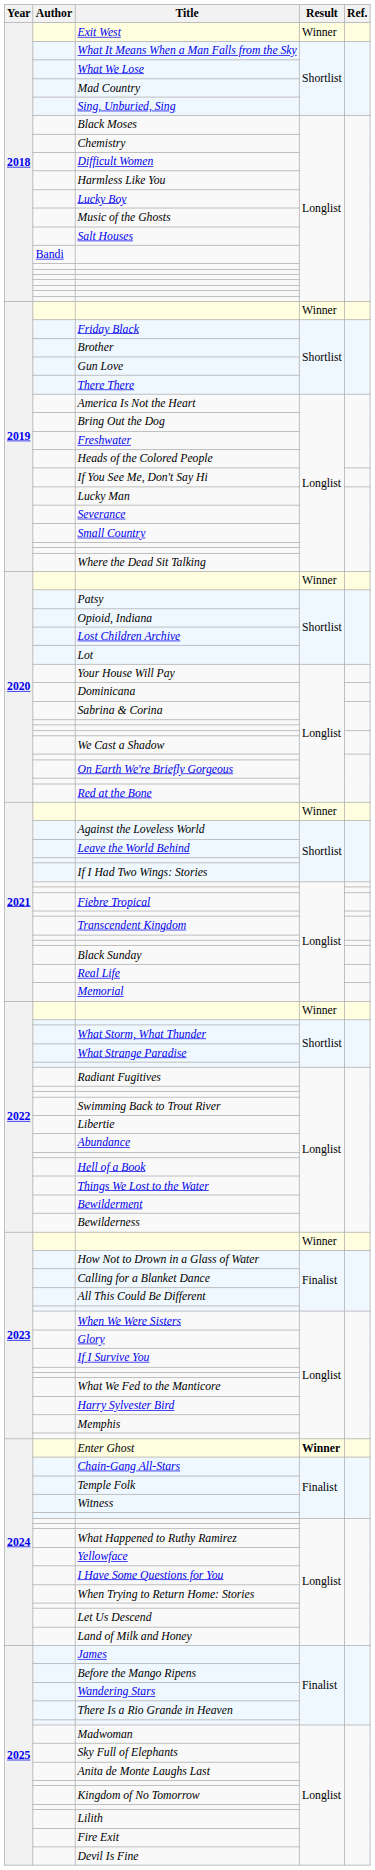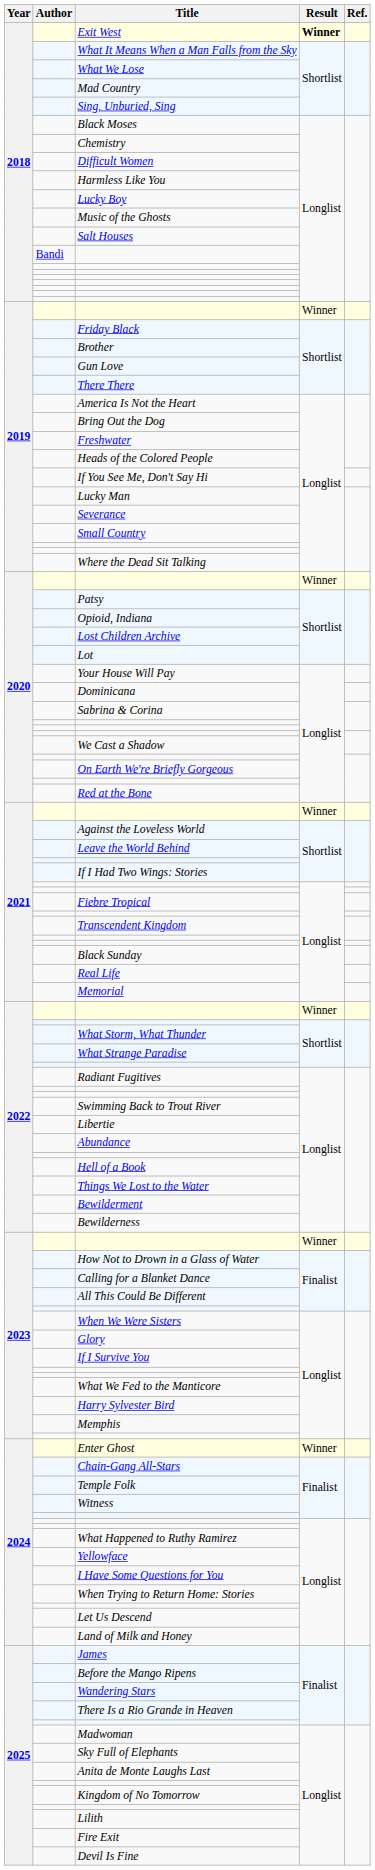 <table class="wikitable sortable">
 <tr>
 <th>Year</th>
 <th>Author</th>
 <th>Title</th>
 <th>Result</th>
 <th>Ref.</th>
 </tr>
 <tr style=background:lightyellow; color:black>
 <th rowspan="20"><a href='#'>2018</a></th>
 <td></td>
 <td><em><a href='#'>Exit West</a></em></td>
-<td>Winner</td>
+<td><strong>Winner</strong></td>
 <td></td>
 </tr>
 <tr style="background:Aliceblue">
 <td></td>
 <td><em><a href='#'>What It Means When a Man Falls from the Sky</a></em></td>
 <td rowspan="4">Shortlist</td>
 <td rowspan="4"></td>
 </tr>
 <tr style="background:Aliceblue">
 <td></td>
 <td><em><a href='#'>What We Lose</a></em></td>
 </tr>
 <tr style="background:Aliceblue">
 <td></td>
 <td><em>Mad Country</em></td>
 </tr>
 <tr style="background:Aliceblue">
 <td></td>
 <td><em><a href='#'>Sing, Unburied, Sing</a></em></td>
 </tr>
 <tr>
 <td></td>
 <td><em>Black Moses</em></td>
 <td rowspan="15">Longlist</td>
 <td rowspan="15"></td>
 </tr>
 <tr>
 <td></td>
 <td><em>Chemistry</em></td>
 </tr>
 <tr>
 <td></td>
 <td><em><a href='#'>Difficult Women</a></em></td>
 </tr>
 <tr>
 <td></td>
 <td><em>Harmless Like You</em></td>
 </tr>
 <tr>
 <td></td>
 <td><em><a href='#'>Lucky Boy</a></em></td>
 </tr>
 <tr>
 <td></td>
 <td><em>Music of the Ghosts</em></td>
 </tr>
 <tr>
 <td></td>
 <td><em><a href='#'>Salt Houses</a></em></td>
 </tr>
 <tr>
 <td><a href='#'>Bandi</a></td>
 <td><em></em></td>
 </tr>
 <tr>
 <td></td>
 <td><em></em></td>
 </tr>
 <tr>
 <td></td>
 <td><em></em></td>
 </tr>
 <tr>
 <td></td>
 <td><em></em></td>
 </tr>
 <tr>
 <td></td>
 <td><em></em></td>
 </tr>
 <tr>
 <td></td>
 <td><em></em></td>
 </tr>
 <tr>
 <td></td>
 <td><em></em></td>
 </tr>
 <tr>
 <td></td>
 <td><em></em></td>
 </tr>
 <tr style=background:lightyellow; color:black>
 <th rowspan="16"><a href='#'>2019</a></th>
 <td></td>
 <td><em></em></td>
 <td>Winner</td>
 <td></td>
 </tr>
 <tr style="background:Aliceblue">
 <td></td>
 <td><em><a href='#'>Friday Black</a></em></td>
 <td rowspan="4">Shortlist</td>
 <td rowspan="4"></td>
 </tr>
 <tr style="background:Aliceblue">
 <td></td>
 <td><em>Brother</em></td>
 </tr>
 <tr style="background:Aliceblue">
 <td></td>
 <td><em>Gun Love</em></td>
 </tr>
 <tr style="background:Aliceblue">
 <td></td>
 <td><em><a href='#'>There There</a></em></td>
 </tr>
 <tr>
 <td></td>
 <td><em>America Is Not the Heart</em></td>
 <td rowspan="11">Longlist</td>
 <td rowspan="4"></td>
 </tr>
 <tr>
 <td></td>
 <td><em>Bring Out the Dog</em></td>
 </tr>
 <tr>
 <td></td>
 <td><em><a href='#'>Freshwater</a></em></td>
 </tr>
 <tr>
 <td></td>
 <td><em>Heads of the Colored People</em></td>
 </tr>
 <tr>
 <td></td>
 <td><em>If You See Me, Don't Say Hi</em></td>
 <td></td>
 </tr>
 <tr>
 <td></td>
 <td><em>Lucky Man</em></td>
 <td rowspan="6"></td>
 </tr>
 <tr>
 <td></td>
 <td><em><a href='#'>Severance</a></em></td>
 </tr>
 <tr>
 <td></td>
 <td><em><a href='#'>Small Country</a></em></td>
 </tr>
 <tr>
 <td></td>
 <td><em></em></td>
 </tr>
 <tr>
 <td></td>
 <td><em></em></td>
 </tr>
 <tr>
 <td></td>
 <td><em>Where the Dead Sit Talking</em></td>
 </tr>
 <tr style=background:lightyellow; color:black>
 <th rowspan="16"><a href='#'>2020</a></th>
 <td></td>
 <td><em></em></td>
 <td>Winner</td>
 <td></td>
 </tr>
 <tr style="background:Aliceblue">
 <td></td>
 <td><em>Patsy</em></td>
 <td rowspan="4">Shortlist</td>
 <td rowspan="4"></td>
 </tr>
 <tr style="background:Aliceblue">
 <td></td>
 <td><em>Opioid, Indiana</em></td>
 </tr>
 <tr style="background:Aliceblue">
 <td></td>
 <td><em><a href='#'>Lost Children Archive</a></em></td>
 </tr>
 <tr style="background:Aliceblue">
 <td></td>
 <td><em>Lot</em></td>
 </tr>
 <tr>
 <td></td>
 <td><em>Your House Will Pay</em></td>
 <td rowspan="11">Longlist</td>
 <td></td>
 </tr>
 <tr>
 <td></td>
 <td><em>Dominicana</em></td>
 <td></td>
 </tr>
 <tr>
 <td></td>
 <td><em>Sabrina & Corina</em></td>
 <td rowspan="3"></td>
 </tr>
 <tr>
 <td></td>
 <td><em></em></td>
 </tr>
 <tr>
 <td></td>
 <td><em></em></td>
 </tr>
 <tr>
 <td></td>
 <td><em></em></td>
 <td rowspan="2"></td>
 </tr>
 <tr>
 <td></td>
 <td><em>We Cast a Shadow</em></td>
 </tr>
 <tr>
 <td></td>
 <td><em></em></td>
 <td rowspan="4"></td>
 </tr>
 <tr>
 <td></td>
 <td><em><a href='#'>On Earth We're Briefly Gorgeous</a></em></td>
 </tr>
 <tr>
 <td></td>
 <td><em></em></td>
 </tr>
 <tr>
 <td></td>
 <td><em><a href='#'>Red at the Bone</a></em></td>
 </tr>
 <tr style=background:lightyellow; color:black>
 <th rowspan="15"><a href='#'>2021</a></th>
 <td></td>
 <td><em></em></td>
 <td>Winner</td>
 <td></td>
 </tr>
 <tr style="background:Aliceblue">
 <td></td>
 <td><em>Against the Loveless World</em></td>
 <td rowspan="4">Shortlist</td>
 <td rowspan="4"></td>
 </tr>
 <tr style="background:Aliceblue">
 <td></td>
 <td><em><a href='#'>Leave the World Behind</a></em></td>
 </tr>
 <tr style="background:Aliceblue">
 <td></td>
 <td><em></em></td>
 </tr>
 <tr style="background:Aliceblue">
 <td></td>
 <td><em>If I Had Two Wings: Stories</em></td>
 </tr>
 <tr>
 <td></td>
 <td><em></em></td>
 <td rowspan="10">Longlist</td>
 <td><em></em></td>
 </tr>
 <tr>
 <td></td>
 <td><em></em></td>
 <td></td>
 </tr>
 <tr>
 <td></td>
 <td><em><a href='#'>Fiebre Tropical</a></em></td>
 <td><em></em></td>
 </tr>
 <tr>
 <td></td>
 <td><em></em></td>
 <td></td>
 </tr>
 <tr>
 <td></td>
 <td><em><a href='#'>Transcendent Kingdom</a></em></td>
 <td rowspan="2"><em></em></td>
 </tr>
 <tr>
 <td></td>
 <td><em></em></td>
 </tr>
 <tr>
 <td></td>
 <td><em></em></td>
 <td></td>
 </tr>
 <tr>
 <td></td>
 <td><em>Black Sunday</em></td>
 <td><em></em></td>
 </tr>
 <tr>
 <td></td>
 <td><em><a href='#'>Real Life</a></em></td>
 <td></td>
 </tr>
 <tr>
 <td></td>
 <td><em><a href='#'>Memorial</a></em></td>
 <td><em></em></td>
 </tr>
 <tr style=background:lightyellow; color:black>
 <th rowspan="16"><a href='#'>2022</a></th>
 <td></td>
 <td><em></em></td>
 <td>Winner</td>
 <td></td>
 </tr>
 <tr style="background:Aliceblue">
 <td></td>
 <td><em></em></td>
 <td rowspan="4">Shortlist</td>
 <td rowspan="4"></td>
 </tr>
 <tr style="background:Aliceblue">
 <td></td>
 <td><em><a href='#'>What Storm, What Thunder</a></em></td>
 </tr>
 <tr style="background:Aliceblue">
 <td></td>
 <td><em><a href='#'>What Strange Paradise</a></em></td>
 </tr>
 <tr style="background:Aliceblue">
 <td></td>
 <td><em></em></td>
 </tr>
 <tr>
 <td></td>
 <td><em>Radiant Fugitives</em></td>
 <td rowspan="11">Longlist</td>
 <td rowspan="11"></td>
 </tr>
 <tr>
 <td></td>
 <td><em></em></td>
 </tr>
 <tr>
 <td></td>
 <td><em></em></td>
 </tr>
 <tr>
 <td></td>
 <td><em>Swimming Back to Trout River</em></td>
 </tr>
 <tr>
 <td></td>
 <td><em>Libertie</em></td>
 </tr>
 <tr>
 <td></td>
 <td><em><a href='#'>Abundance</a></em></td>
 </tr>
 <tr>
 <td></td>
 <td><em></em></td>
 </tr>
 <tr>
 <td></td>
 <td><em><a href='#'>Hell of a Book</a></em></td>
 </tr>
 <tr>
 <td></td>
 <td><em><a href='#'>Things We Lost to the Water</a></em></td>
 </tr>
 <tr>
 <td></td>
 <td><em><a href='#'>Bewilderment</a></em></td>
 </tr>
 <tr>
 <td></td>
 <td><em>Bewilderness</em></td>
 </tr>
 <tr style=background:lightyellow; color:black>
 <th rowspan="14"><a href='#'>2023</a></th>
 <td></td>
 <td><em></em></td>
 <td>Winner</td>
 <td></td>
 </tr>
 <tr style="background:Aliceblue">
 <td></td>
 <td><em>How Not to Drown in a Glass of Water</em></td>
 <td rowspan="4">Finalist</td>
 <td rowspan="4"></td>
 </tr>
 <tr style="background:Aliceblue">
 <td></td>
 <td><em>Calling for a Blanket Dance</em></td>
 </tr>
 <tr style="background:Aliceblue">
 <td></td>
 <td><em>All This Could Be Different</em></td>
 </tr>
 <tr style="background:Aliceblue">
 <td></td>
 <td><em></em></td>
 </tr>
 <tr>
 <td></td>
 <td><em><a href='#'>When We Were Sisters</a></em></td>
 <td rowspan="9">Longlist</td>
 <td rowspan="9"></td>
 </tr>
 <tr>
 <td></td>
 <td><em><a href='#'>Glory</a></em></td>
 </tr>
 <tr>
 <td></td>
 <td><em><a href='#'>If I Survive You</a></em></td>
 </tr>
 <tr>
 <td></td>
 <td><em></em></td>
 </tr>
 <tr>
 <td></td>
 <td><em></em></td>
 </tr>
 <tr>
 <td></td>
 <td><em>What We Fed to the Manticore</em></td>
 </tr>
 <tr>
 <td></td>
 <td><em><a href='#'>Harry Sylvester Bird</a></em></td>
 </tr>
 <tr>
 <td></td>
 <td><em>Memphis</em></td>
 </tr>
 <tr>
 <td></td>
 <td><em></em></td>
 </tr>
 <tr style=background:lightyellow; color:black>
 <th rowspan="14"><a href='#'>2024</a></th>
 <td></td>
 <td><em>Enter Ghost</em></td>
-<td><strong>Winner</strong></td>
+<td>Winner</td>
 <td></td>
 </tr>
 <tr style="background:Aliceblue">
 <td></td>
 <td><em><a href='#'>Chain-Gang All-Stars</a></em></td>
 <td rowspan="4">Finalist</td>
 <td rowspan="4"></td>
 </tr>
 <tr style="background:Aliceblue">
 <td></td>
 <td><em>Temple Folk</em></td>
 </tr>
 <tr style="background:Aliceblue">
 <td></td>
 <td><em>Witness</em></td>
 </tr>
 <tr style="background:Aliceblue">
 <td></td>
 <td></td>
 </tr>
 <tr>
 <td></td>
 <td></td>
 <td rowspan="9">Longlist</td>
 <td rowspan="9"></td>
 </tr>
 <tr>
 <td></td>
 <td></td>
 </tr>
 <tr>
 <td></td>
 <td><em>What Happened to Ruthy Ramirez</em></td>
 </tr>
 <tr>
 <td></td>
 <td><a href='#'><em>Yellowface</em></a></td>
 </tr>
 <tr>
 <td></td>
 <td><em><a href='#'>I Have Some Questions for You</a></em></td>
 </tr>
 <tr>
 <td></td>
 <td><em>When Trying to Return Home: Stories</em></td>
 </tr>
 <tr>
 <td></td>
 <td></td>
 </tr>
 <tr>
 <td></td>
 <td><em>Let Us Descend</em></td>
 </tr>
 <tr>
 <td></td>
 <td><em>Land of Milk and Honey</em></td>
 </tr>
 <tr style="background:Aliceblue">
 <th rowspan="14"><a href='#'>2025</a></th>
 <td></td>
 <td><em><a href='#'>James</a></em></td>
 <td rowspan="5">Finalist</td>
 <td rowspan="5"></td>
 </tr>
 <tr style="background:Aliceblue">
 <td></td>
 <td><em>Before the Mango Ripens</em></td>
 </tr>
 <tr style="background:Aliceblue">
 <td></td>
 <td><em><a href='#'>Wandering Stars</a></em></td>
 </tr>
 <tr style="background:Aliceblue">
 <td></td>
 <td><em>There Is a Rio Grande in Heaven</em></td>
 </tr>
 <tr style="background:Aliceblue">
 <td></td>
 <td><em></em></td>
 </tr>
 <tr>
 <td></td>
 <td><em>Madwoman</em></td>
 <td rowspan="9">Longlist</td>
 <td rowspan="9"></td>
 </tr>
 <tr>
 <td></td>
 <td><em>Sky Full of Elephants</em></td>
 </tr>
 <tr>
 <td></td>
 <td><em>Anita de Monte Laughs Last</em></td>
 </tr>
 <tr>
 <td></td>
 <td></td>
 </tr>
 <tr>
 <td></td>
 <td><em>Kingdom of No Tomorrow</em></td>
 </tr>
 <tr>
 <td></td>
 <td></td>
 </tr>
 <tr>
 <td></td>
 <td><em>Lilith</em></td>
 </tr>
 <tr>
 <td></td>
 <td><em>Fire Exit</em></td>
 </tr>
 <tr>
 <td></td>
 <td><em>Devil Is Fine</em></td>
 </tr>
 </table>
